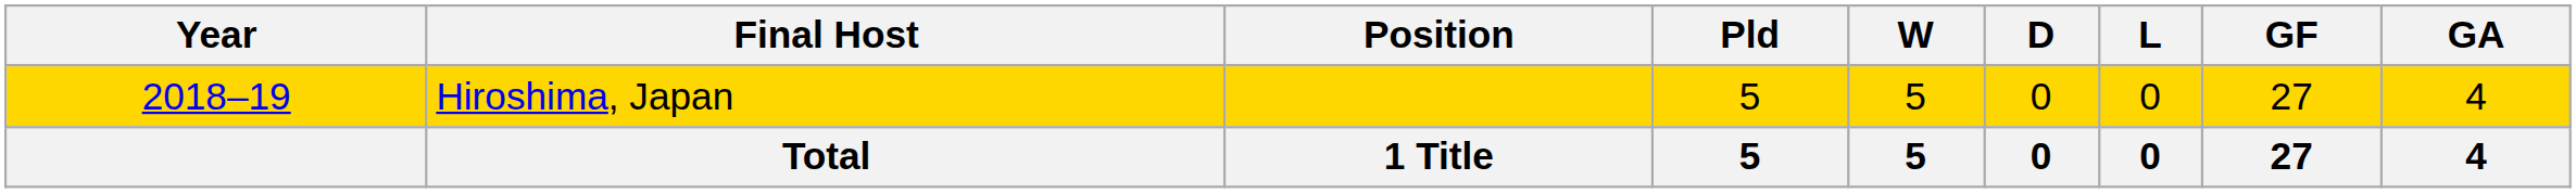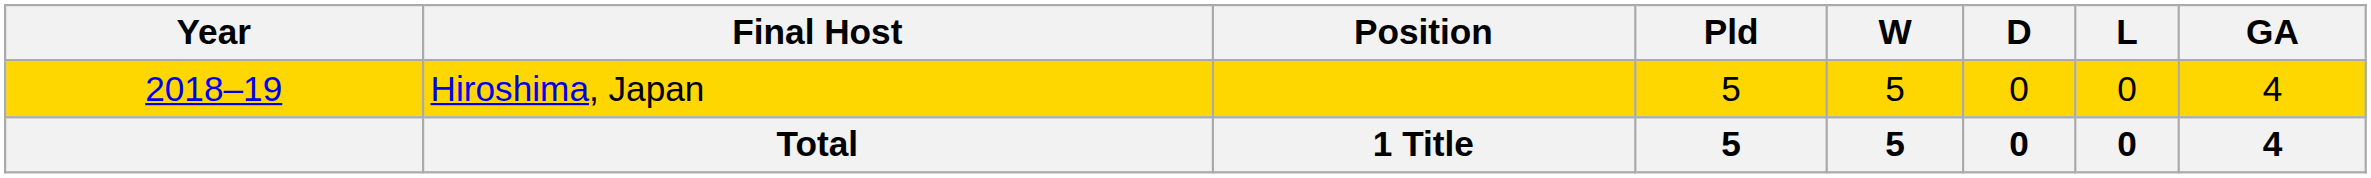 <table class="wikitable" style="text-align: center; width:85%">
 <tr>
 <th>Year</th>
 <th>Final Host</th>
 <th>Position</th>
 <th>Pld</th>
 <th>W</th>
 <th>D</th>
 <th>L</th>
-<th>GF</th>
 <th>GA</th>
 </tr>
 <tr bgcolor=gold>
 <td><a href='#'>2018–19</a></td>
 <td align=left> <a href='#'>Hiroshima</a>, Japan</td>
 <td></td>
 <td>5</td>
 <td>5</td>
 <td>0</td>
 <td>0</td>
-<td>27</td>
 <td>4</td>
 </tr>
 <tr>
 <th></th>
 <th>Total</th>
 <th>1 Title</th>
 <th>5</th>
 <th>5</th>
 <th>0</th>
 <th>0</th>
-<th>27</th>
 <th>4</th>
 </tr>
 </table>
